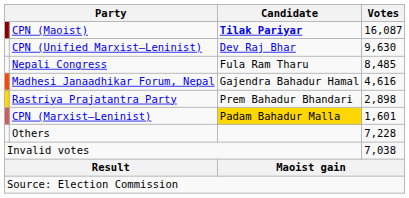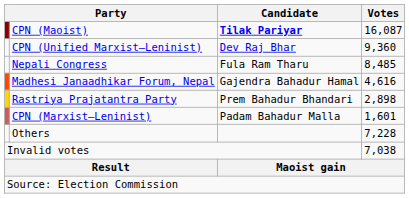 <table class="wikitable">
 <tr>
 <th colspan="2">Party</th>
 <th>Candidate</th>
 <th>Votes</th>
 </tr>
 <tr>
 <td style="background-color:darkred"></td>
 <td><a href='#'>CPN (Maoist)</a></td>
 <td><strong><a href='#'>Tilak Pariyar</a></strong></td>
 <td>16,087</td>
 </tr>
 <tr>
 <td style="background-color:"></td>
 <td><a href='#'>CPN (Unified Marxist–Leninist)</a></td>
 <td><a href='#'>Dev Raj Bhar</a></td>
-<td>9,630</td>
+<td>9,360</td>
 </tr>
 <tr>
 <td style="background-color:"></td>
 <td><a href='#'>Nepali Congress</a></td>
 <td>Fula Ram Tharu</td>
 <td>8,485</td>
 </tr>
 <tr>
 <td style="background-color:orangered"></td>
 <td><a href='#'>Madhesi Janaadhikar Forum, Nepal</a></td>
 <td>Gajendra Bahadur Hamal</td>
 <td>4,616</td>
 </tr>
 <tr>
 <td style="background-color:gold"></td>
 <td><a href='#'>Rastriya Prajatantra Party</a></td>
 <td>Prem Bahadur Bhandari</td>
 <td>2,898</td>
 </tr>
 <tr>
 <td style="background-color:indianred"></td>
 <td><a href='#'>CPN (Marxist–Leninist)</a></td>
-<td style="background: gold;">Padam Bahadur Malla</td>
+<td>Padam Bahadur Malla</td>
 <td>1,601</td>
 </tr>
 <tr>
 <td></td>
 <td>Others</td>
 <td></td>
 <td>7,228</td>
 </tr>
 <tr>
 <td colspan="3">Invalid votes</td>
 <td>7,038</td>
 </tr>
 <tr>
 <th colspan="2">Result</th>
 <th colspan="2">Maoist gain</th>
 </tr>
 <tr>
 <td colspan="4">Source: Election Commission</td>
 </tr>
 </table>
